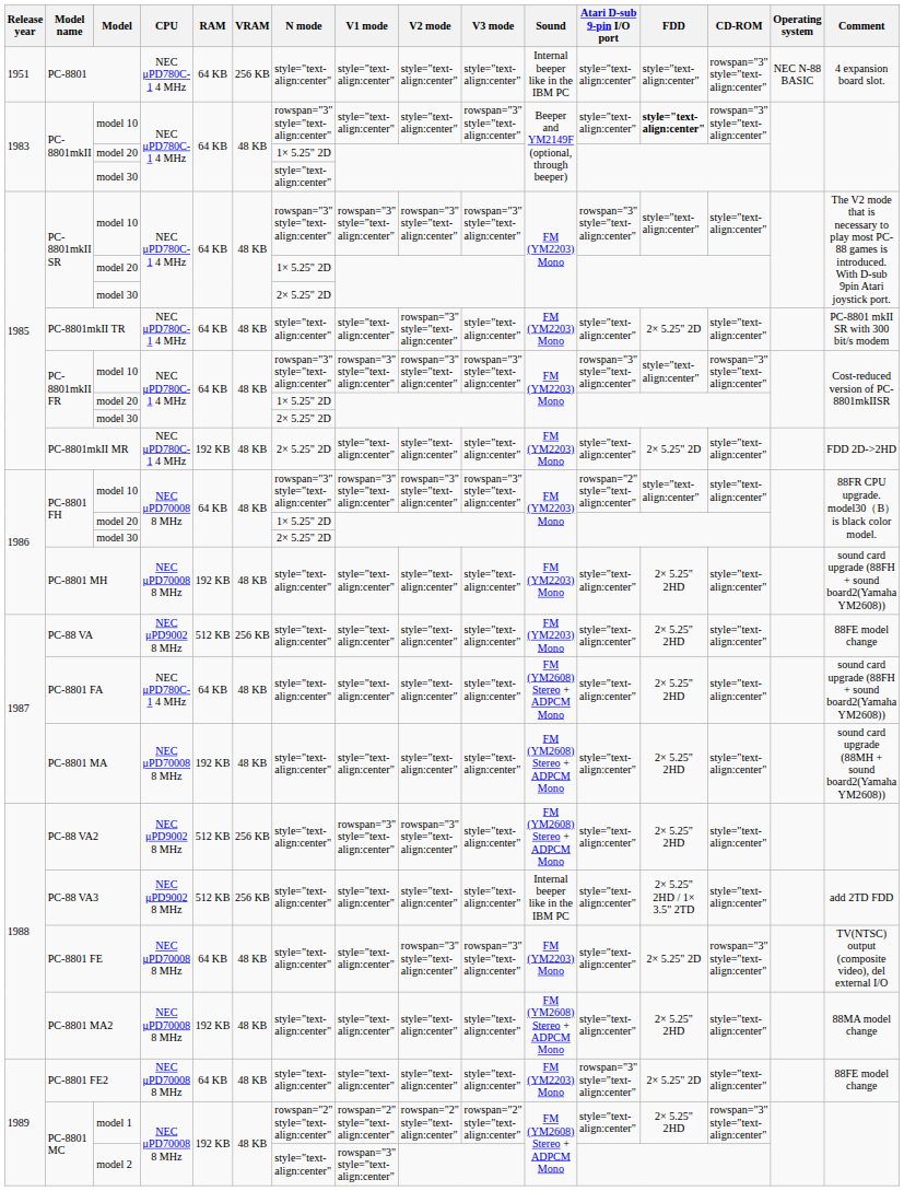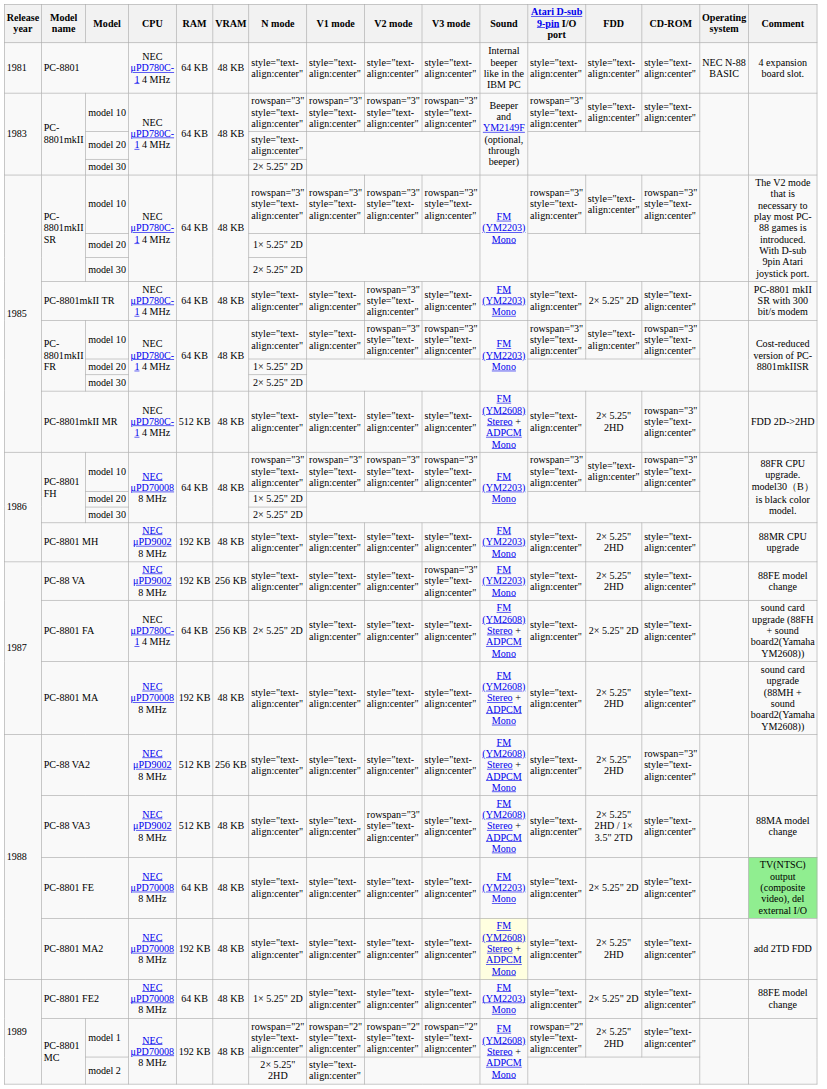 <table class="wikitable">
 <tr>
 <th>Release year</th>
 <th>Model name</th>
 <th>Model</th>
 <th>CPU</th>
 <th>RAM</th>
 <th>VRAM</th>
 <th>N mode</th>
 <th>V1 mode</th>
 <th>V2 mode</th>
 <th>V3 mode</th>
 <th>Sound</th>
 <th><a href='#'>Atari D-sub 9-pin</a> I/O port</th>
 <th>FDD</th>
 <th>CD-ROM</th>
 <th>Operating system</th>
 <th>Comment</th>
 </tr>
 <tr>
-<td style="width:6%">1951</td>
+<td style="width:6%">1981</td>
 <td colspan="2">PC-8801</td>
 <td style="text-align:center">NEC <a href='#'>μPD780C-1</a> 4 MHz</td>
 <td style="text-align:center">64 KB</td>
-<td style="text-align:center">256 KB</td>
+<td style="text-align:center">48 KB</td>
 <td>style="text-align:center" </td>
 <td>style="text-align:center" </td>
 <td>style="text-align:center" </td>
 <td>style="text-align:center" </td>
 <td style="text-align:center">Internal beeper like in the IBM PC</td>
 <td>style="text-align:center" </td>
 <td>style="text-align:center" </td>
-<td>rowspan="3" style="text-align:center" </td>
+<td>style="text-align:center" </td>
 <td style="text-align:center">NEC N-88 BASIC</td>
 <td style="text-align:center">4 expansion board slot.</td>
 </tr>
 <tr>
 <td rowspan="3">1983</td>
 <td rowspan="3">PC-8801mkII</td>
 <td>model 10</td>
 <td rowspan="3" style="text-align:center">NEC <a href='#'>μPD780C-1</a> 4 MHz</td>
 <td rowspan="3" style="text-align:center">64 KB</td>
 <td rowspan="3" style="text-align:center">48 KB</td>
 <td>rowspan="3" style="text-align:center" </td>
+<td>rowspan="3" style="text-align:center" </td>
+<td>rowspan="3" style="text-align:center" </td>
+<td>rowspan="3" style="text-align:center" </td>
+<td rowspan="3" style="text-align:center">Beeper and <a href='#'>YM2149F</a> (optional, through beeper) </td>
+<td>rowspan="3" style="text-align:center" </td>
 <td>style="text-align:center" </td>
 <td>style="text-align:center" </td>
-<td>rowspan="3" style="text-align:center" </td>
-<td rowspan="3" style="text-align:center">Beeper and <a href='#'>YM2149F</a> (optional, through beeper) </td>
-<td>style="text-align:center" </td>
-<td><strong>style="text-align:center" </strong></td>
-<td>rowspan="3" style="text-align:center" </td>
 <td rowspan="3" style="text-align:center"></td>
 <td rowspan="3" style="text-align:center"></td>
 </tr>
 <tr>
 <td>model 20</td>
-<td style="text-align:center">1× 5.25" 2D</td>
+<td>style="text-align:center" </td>
 </tr>
 <tr>
 <td>model 30</td>
-<td>style="text-align:center" </td>
+<td style="text-align:center">2× 5.25" 2D</td>
 </tr>
 <tr>
 <td rowspan="8">1985</td>
 <td rowspan="3">PC-8801mkII SR</td>
 <td>model 10</td>
 <td rowspan="3" style="text-align:center">NEC <a href='#'>μPD780C-1</a> 4 MHz</td>
 <td rowspan="3" style="text-align:center">64 KB</td>
 <td rowspan="3" style="text-align:center">48 KB</td>
 <td>rowspan="3" style="text-align:center" </td>
 <td>rowspan="3" style="text-align:center" </td>
 <td>rowspan="3" style="text-align:center" </td>
 <td>rowspan="3" style="text-align:center" </td>
 <td rowspan="3" style="text-align:center"><a href='#'>FM (YM2203)</a> <a href='#'>Mono</a></td>
 <td>rowspan="3" style="text-align:center" </td>
 <td>style="text-align:center" </td>
-<td>style="text-align:center" </td>
+<td>rowspan="3" style="text-align:center" </td>
 <td rowspan="3" style="text-align:center"></td>
 <td rowspan="3" style="text-align:center">The V2 mode that is necessary to play most PC-88 games is introduced.<br>With D-sub 9pin Atari joystick port.</td>
 </tr>
 <tr>
 <td>model 20</td>
 <td style="text-align:center">1× 5.25" 2D</td>
 </tr>
 <tr>
 <td>model 30</td>
 <td style="text-align:center">2× 5.25" 2D</td>
 </tr>
 <tr>
 <td colspan="2">PC-8801mkII TR</td>
 <td style="text-align:center">NEC <a href='#'>μPD780C-1</a> 4 MHz</td>
 <td style="text-align:center">64 KB</td>
 <td style="text-align:center">48 KB</td>
 <td>style="text-align:center" </td>
 <td>style="text-align:center" </td>
 <td>rowspan="3" style="text-align:center" </td>
 <td>style="text-align:center" </td>
 <td style="text-align:center"><a href='#'>FM (YM2203)</a> <a href='#'>Mono</a></td>
 <td>style="text-align:center" </td>
 <td style="text-align:center">2× 5.25" 2D</td>
 <td>style="text-align:center" </td>
 <td style="text-align:center"></td>
 <td style="text-align:center">PC-8801 mkII SR with 300 bit/s modem</td>
 </tr>
 <tr>
 <td rowspan="3">PC-8801mkII FR</td>
 <td>model 10</td>
 <td rowspan="3" style="text-align:center">NEC <a href='#'>μPD780C-1</a> 4 MHz</td>
 <td rowspan="3" style="text-align:center">64 KB</td>
 <td rowspan="3" style="text-align:center">48 KB</td>
-<td>rowspan="3" style="text-align:center" </td>
-<td>rowspan="3" style="text-align:center" </td>
+<td>style="text-align:center" </td>
+<td>style="text-align:center" </td>
 <td>rowspan="3" style="text-align:center" </td>
 <td>rowspan="3" style="text-align:center" </td>
 <td rowspan="3" style="text-align:center"><a href='#'>FM (YM2203)</a> <a href='#'>Mono</a></td>
 <td>rowspan="3" style="text-align:center" </td>
 <td>style="text-align:center" </td>
 <td>rowspan="3" style="text-align:center" </td>
 <td rowspan="3" style="text-align:center"></td>
 <td rowspan="3" style="text-align:center">Cost-reduced version of PC-8801mkIISR</td>
 </tr>
 <tr>
 <td>model 20</td>
 <td style="text-align:center">1× 5.25" 2D</td>
 </tr>
 <tr>
 <td>model 30</td>
 <td style="text-align:center">2× 5.25" 2D</td>
 </tr>
 <tr>
 <td colspan="2">PC-8801mkII MR</td>
 <td style="text-align:center">NEC <a href='#'>μPD780C-1</a> 4 MHz</td>
-<td style="text-align:center">192 KB</td>
+<td style="text-align:center">512 KB</td>
 <td style="text-align:center">48 KB</td>
-<td style="text-align:center">2× 5.25" 2D</td>
 <td>style="text-align:center" </td>
 <td>style="text-align:center" </td>
 <td>style="text-align:center" </td>
-<td style="text-align:center"><a href='#'>FM (YM2203)</a> <a href='#'>Mono</a></td>
 <td>style="text-align:center" </td>
-<td style="text-align:center">2× 5.25" 2D</td>
+<td style="text-align:center"><a href='#'>FM (YM2608)</a> <a href='#'>Stereo</a> + <a href='#'>ADPCM</a> <a href='#'>Mono</a></td>
 <td>style="text-align:center" </td>
+<td style="text-align:center">2× 5.25" 2HD</td>
+<td>rowspan="3" style="text-align:center" </td>
 <td style="text-align:center"></td>
 <td style="text-align:center">FDD 2D->2HD</td>
 </tr>
 <tr>
 <td rowspan="4">1986</td>
 <td rowspan="3">PC-8801 FH</td>
 <td>model 10</td>
 <td rowspan="3" style="text-align:center"><a href='#'>NEC μPD70008</a> 8 MHz</td>
 <td rowspan="3" style="text-align:center">64 KB</td>
 <td rowspan="3" style="text-align:center">48 KB</td>
 <td>rowspan="3" style="text-align:center" </td>
 <td>rowspan="3" style="text-align:center" </td>
 <td>rowspan="3" style="text-align:center" </td>
 <td>rowspan="3" style="text-align:center" </td>
 <td rowspan="3" style="text-align:center"><a href='#'>FM (YM2203)</a> <a href='#'>Mono</a></td>
-<td>rowspan="2" style="text-align:center" </td>
+<td>rowspan="3" style="text-align:center" </td>
 <td>style="text-align:center" </td>
-<td>style="text-align:center" </td>
+<td>rowspan="3" style="text-align:center" </td>
 <td rowspan="3" style="text-align:center"></td>
 <td rowspan="3" style="text-align:center">88FR CPU upgrade.<br>model30（B）is black color model.</td>
 </tr>
 <tr>
 <td>model 20</td>
 <td style="text-align:center">1× 5.25" 2D</td>
 </tr>
 <tr>
 <td>model 30</td>
 <td style="text-align:center">2× 5.25" 2D</td>
 </tr>
 <tr>
 <td colspan="2">PC-8801 MH</td>
-<td style="text-align:center"><a href='#'>NEC μPD70008</a> 8 MHz</td>
+<td style="text-align:center"><a href='#'>NEC μPD9002</a> 8 MHz</td>
 <td style="text-align:center">192 KB</td>
 <td style="text-align:center">48 KB</td>
 <td>style="text-align:center" </td>
 <td>style="text-align:center" </td>
 <td>style="text-align:center" </td>
 <td>style="text-align:center" </td>
 <td style="text-align:center"><a href='#'>FM (YM2203)</a> <a href='#'>Mono</a></td>
 <td>style="text-align:center" </td>
 <td style="text-align:center">2× 5.25" 2HD</td>
 <td>style="text-align:center" </td>
 <td style="text-align:center"></td>
-<td style="text-align:center">sound card upgrade (88FH + sound board2(Yamaha YM2608))</td>
+<td style="text-align:center">88MR CPU upgrade</td>
 </tr>
 <tr>
 <td rowspan="3">1987</td>
 <td colspan="2">PC-88 VA</td>
 <td style="text-align:center"><a href='#'>NEC μPD9002</a> 8 MHz</td>
-<td style="text-align:center">512 KB</td>
+<td style="text-align:center">192 KB</td>
 <td style="text-align:center">256 KB</td>
 <td>style="text-align:center" </td>
 <td>style="text-align:center" </td>
 <td>style="text-align:center" </td>
-<td>style="text-align:center" </td>
+<td>rowspan="3" style="text-align:center" </td>
 <td style="text-align:center"><a href='#'>FM (YM2203)</a> <a href='#'>Mono</a></td>
 <td>style="text-align:center" </td>
 <td style="text-align:center">2× 5.25" 2HD</td>
 <td>style="text-align:center" </td>
 <td style="text-align:center"></td>
 <td style="text-align:center">88FE model change</td>
 </tr>
 <tr>
 <td colspan="2">PC-8801 FA</td>
 <td style="text-align:center">NEC <a href='#'>μPD780C-1</a> 4 MHz</td>
 <td style="text-align:center">64 KB</td>
-<td style="text-align:center">48 KB</td>
-<td>style="text-align:center" </td>
+<td style="text-align:center">256 KB</td>
+<td style="text-align:center">2× 5.25" 2D</td>
 <td>style="text-align:center" </td>
 <td>style="text-align:center" </td>
 <td>style="text-align:center" </td>
 <td style="text-align:center"><a href='#'>FM (YM2608)</a> <a href='#'>Stereo</a> + <a href='#'>ADPCM</a> <a href='#'>Mono</a></td>
 <td>style="text-align:center" </td>
-<td style="text-align:center">2× 5.25" 2HD</td>
+<td style="text-align:center">2× 5.25" 2D</td>
 <td>style="text-align:center" </td>
 <td style="text-align:center"></td>
 <td style="text-align:center">sound card upgrade (88FH + sound board2(Yamaha YM2608))</td>
 </tr>
 <tr>
 <td colspan="2">PC-8801 MA</td>
 <td style="text-align:center"><a href='#'>NEC μPD70008</a> 8 MHz</td>
 <td style="text-align:center">192 KB</td>
 <td style="text-align:center">48 KB</td>
 <td>style="text-align:center" </td>
 <td>style="text-align:center" </td>
 <td>style="text-align:center" </td>
 <td>style="text-align:center" </td>
 <td style="text-align:center"><a href='#'>FM (YM2608)</a> <a href='#'>Stereo</a> + <a href='#'>ADPCM</a> <a href='#'>Mono</a></td>
 <td>style="text-align:center" </td>
 <td style="text-align:center">2× 5.25" 2HD</td>
 <td>style="text-align:center" </td>
 <td style="text-align:center"></td>
 <td style="text-align:center">sound card upgrade (88MH  + sound board2(Yamaha YM2608))</td>
 </tr>
 <tr>
 <td rowspan="4">1988</td>
 <td colspan="2">PC-88 VA2</td>
 <td style="text-align:center"><a href='#'>NEC μPD9002</a> 8 MHz</td>
 <td style="text-align:center">512 KB</td>
 <td style="text-align:center">256 KB</td>
 <td>style="text-align:center" </td>
-<td>rowspan="3" style="text-align:center" </td>
-<td>rowspan="3" style="text-align:center" </td>
+<td>style="text-align:center" </td>
+<td>style="text-align:center" </td>
 <td>style="text-align:center" </td>
 <td style="text-align:center"><a href='#'>FM (YM2608)</a> <a href='#'>Stereo</a> + <a href='#'>ADPCM</a> <a href='#'>Mono</a></td>
 <td>style="text-align:center" </td>
 <td style="text-align:center">2× 5.25" 2HD</td>
-<td>style="text-align:center" </td>
+<td>rowspan="3" style="text-align:center" </td>
 <td style="text-align:center"></td>
 <td style="text-align:center"></td>
 </tr>
 <tr>
 <td colspan="2">PC-88 VA3</td>
 <td style="text-align:center"><a href='#'>NEC μPD9002</a> 8 MHz</td>
 <td style="text-align:center">512 KB</td>
-<td style="text-align:center">256 KB</td>
+<td style="text-align:center">48 KB</td>
 <td>style="text-align:center" </td>
 <td>style="text-align:center" </td>
+<td>rowspan="3" style="text-align:center" </td>
 <td>style="text-align:center" </td>
-<td>style="text-align:center" </td>
-<td style="text-align:center">Internal beeper like in the IBM PC</td>
+<td style="text-align:center"><a href='#'>FM (YM2608)</a> <a href='#'>Stereo</a> + <a href='#'>ADPCM</a> <a href='#'>Mono</a></td>
 <td>style="text-align:center" </td>
 <td style="text-align:center">2× 5.25" 2HD / 1× 3.5" 2TD</td>
 <td>style="text-align:center" </td>
 <td style="text-align:center"></td>
-<td style="text-align:center">add 2TD FDD</td>
+<td style="text-align:center">88MA model change</td>
 </tr>
 <tr>
 <td colspan="2">PC-8801 FE</td>
 <td style="text-align:center"><a href='#'>NEC μPD70008</a> 8 MHz</td>
 <td style="text-align:center">64 KB</td>
 <td style="text-align:center">48 KB</td>
 <td>style="text-align:center" </td>
 <td>style="text-align:center" </td>
-<td>rowspan="3" style="text-align:center" </td>
-<td>rowspan="3" style="text-align:center" </td>
+<td>style="text-align:center" </td>
+<td>style="text-align:center" </td>
 <td style="text-align:center"><a href='#'>FM (YM2203)</a> <a href='#'>Mono</a></td>
 <td>style="text-align:center" </td>
 <td style="text-align:center">2× 5.25" 2D</td>
-<td>rowspan="3" style="text-align:center" </td>
+<td>style="text-align:center" </td>
 <td style="text-align:center"></td>
-<td style="text-align:center">TV(NTSC) output (composite video), del external I/O</td>
+<td style="background: lightgreen; text-align:center">TV(NTSC) output (composite video), del external I/O</td>
 </tr>
 <tr>
 <td colspan="2">PC-8801 MA2</td>
 <td style="text-align:center"><a href='#'>NEC μPD70008</a> 8 MHz</td>
 <td style="text-align:center">192 KB</td>
 <td style="text-align:center">48 KB</td>
 <td>style="text-align:center" </td>
 <td>style="text-align:center" </td>
 <td>style="text-align:center" </td>
 <td>style="text-align:center" </td>
-<td style="text-align:center"><a href='#'>FM (YM2608)</a> <a href='#'>Stereo</a> + <a href='#'>ADPCM</a> <a href='#'>Mono</a></td>
+<td style="background: lightyellow; text-align:center"><a href='#'>FM (YM2608)</a> <a href='#'>Stereo</a> + <a href='#'>ADPCM</a> <a href='#'>Mono</a></td>
 <td>style="text-align:center" </td>
 <td style="text-align:center">2× 5.25" 2HD</td>
 <td>style="text-align:center" </td>
 <td style="text-align:center"></td>
-<td style="text-align:center">88MA model change</td>
+<td style="text-align:center">add 2TD FDD</td>
 </tr>
 <tr>
 <td rowspan="3">1989</td>
 <td colspan="2">PC-8801 FE2</td>
 <td style="text-align:center"><a href='#'>NEC μPD70008</a> 8 MHz</td>
 <td style="text-align:center">64 KB</td>
 <td style="text-align:center">48 KB</td>
-<td>style="text-align:center" </td>
+<td style="text-align:center">1× 5.25" 2D</td>
 <td>style="text-align:center" </td>
 <td>style="text-align:center" </td>
 <td>style="text-align:center" </td>
 <td style="text-align:center"><a href='#'>FM (YM2203)</a> <a href='#'>Mono</a></td>
-<td>rowspan="3" style="text-align:center" </td>
+<td>style="text-align:center" </td>
 <td style="text-align:center">2× 5.25" 2D</td>
 <td>style="text-align:center" </td>
 <td style="text-align:center"></td>
 <td style="text-align:center">88FE model change</td>
 </tr>
 <tr>
 <td rowspan="2">PC-8801 MC</td>
 <td>model 1</td>
 <td rowspan="2" style="text-align:center"><a href='#'>NEC μPD70008</a> 8 MHz</td>
 <td rowspan="2" style="text-align:center">192 KB</td>
 <td rowspan="2" style="text-align:center">48 KB</td>
 <td>rowspan="2" style="text-align:center" </td>
 <td>rowspan="2" style="text-align:center" </td>
 <td>rowspan="2" style="text-align:center" </td>
 <td>rowspan="2" style="text-align:center" </td>
 <td rowspan="2" style="text-align:center"><a href='#'>FM (YM2608)</a> <a href='#'>Stereo</a> + <a href='#'>ADPCM</a> <a href='#'>Mono</a></td>
+<td>rowspan="2" style="text-align:center" </td>
+<td style="text-align:center">2× 5.25" 2HD</td>
 <td>style="text-align:center" </td>
-<td style="text-align:center">2× 5.25" 2HD</td>
-<td>rowspan="3" style="text-align:center" </td>
 <td rowspan="2" style="text-align:center"></td>
 <td rowspan="2" style="text-align:center"></td>
 </tr>
 <tr>
 <td>model 2</td>
+<td style="text-align:center">2× 5.25" 2HD</td>
 <td>style="text-align:center" </td>
-<td>rowspan="3" style="text-align:center" </td>
 </tr>
 </table>
